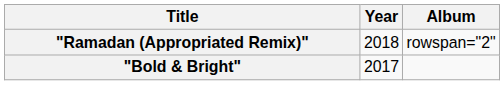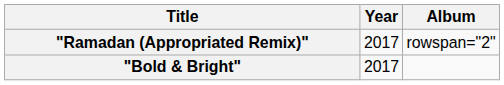 <table class="wikitable plainrowheaders" style="text-align:center;">
 <tr>
 <th scope="col" style="width:22em;">Title</th>
 <th scope="col" style="width:1em;">Year</th>
 <th scope="col">Album</th>
 </tr>
 <tr>
 <th scope="row">"Ramadan (Appropriated Remix)"<br></th>
-<td>2018</td>
+<td>2017</td>
 <td>rowspan="2" </td>
 </tr>
 <tr>
 <th scope="row">"Bold & Bright"<br></th>
 <td>2017</td>
 </tr>
 </table>
